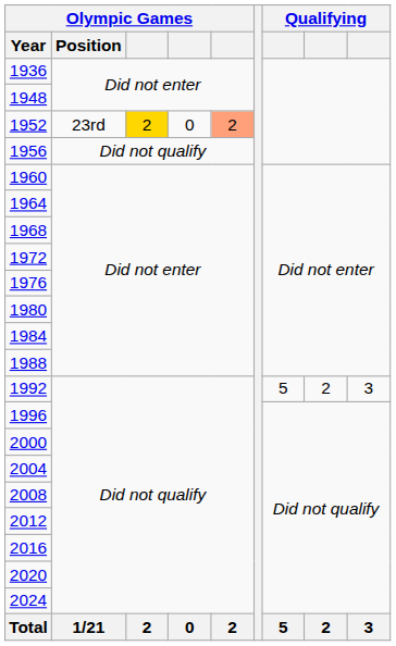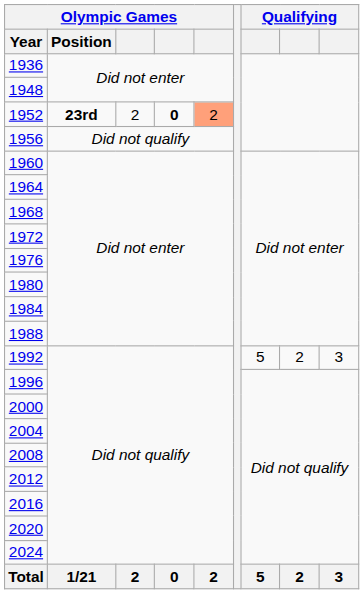 <table class="wikitable" style="text-align: center;font-size:90%;">
 <tr>
 <th colspan=5><a href='#'>Olympic Games</a></th>
 <th rowspan=24></th>
 <th colspan=3><a href='#'>Qualifying</a></th>
 </tr>
 <tr>
 <th>Year</th>
 <th>Position</th>
 <th width=30></th>
 <th width=30></th>
 <th width=30></th>
 <th width=30></th>
 <th width=30></th>
 <th width=30></th>
 </tr>
 <tr>
 <td> <a href='#'>1936</a></td>
 <td colspan=4 rowspan=2><em>Did not enter</em></td>
 </tr>
 <tr>
 <td> <a href='#'>1948</a></td>
 </tr>
 <tr>
 <td> <a href='#'>1952</a></td>
-<td>23rd</td>
-<td style="background: gold;">2</td>
-<td>0</td>
+<td><strong>23rd</strong></td>
+<td>2</td>
+<td><strong>0</strong></td>
 <td style="background: lightsalmon;">2</td>
 </tr>
 <tr>
 <td> <a href='#'>1956</a></td>
 <td colspan=4><em>Did not qualify</em></td>
 </tr>
 <tr>
 <td> <a href='#'>1960</a></td>
 <td colspan=4 rowspan=8><em>Did not enter</em></td>
 <td colspan=3 rowspan=8><em>Did not enter</em></td>
 </tr>
 <tr>
 <td> <a href='#'>1964</a></td>
 </tr>
 <tr>
 <td> <a href='#'>1968</a></td>
 </tr>
 <tr>
 <td> <a href='#'>1972</a></td>
 </tr>
 <tr>
 <td> <a href='#'>1976</a></td>
 </tr>
 <tr>
 <td> <a href='#'>1980</a></td>
 </tr>
 <tr>
 <td> <a href='#'>1984</a></td>
 </tr>
 <tr>
 <td> <a href='#'>1988</a></td>
 </tr>
 <tr>
 <td> <a href='#'>1992</a></td>
 <td colspan=4 rowspan=9><em>Did not qualify</em></td>
 <td>5</td>
 <td>2</td>
 <td>3</td>
 </tr>
 <tr>
 <td> <a href='#'>1996</a></td>
 <td colspan=9 rowspan=8><em>Did not qualify</em></td>
 </tr>
 <tr>
 <td> <a href='#'>2000</a></td>
 </tr>
 <tr>
 <td> <a href='#'>2004</a></td>
 </tr>
 <tr>
 <td> <a href='#'>2008</a></td>
 </tr>
 <tr>
 <td> <a href='#'>2012</a></td>
 </tr>
 <tr>
 <td> <a href='#'>2016</a></td>
 </tr>
 <tr>
 <td> <a href='#'>2020</a></td>
 </tr>
 <tr>
 <td> <a href='#'>2024</a></td>
 </tr>
 <tr>
 <th>Total</th>
 <th>1/21</th>
 <th>2</th>
 <th>0</th>
 <th>2</th>
 <th>5</th>
 <th>2</th>
 <th>3</th>
 </tr>
 </table>
